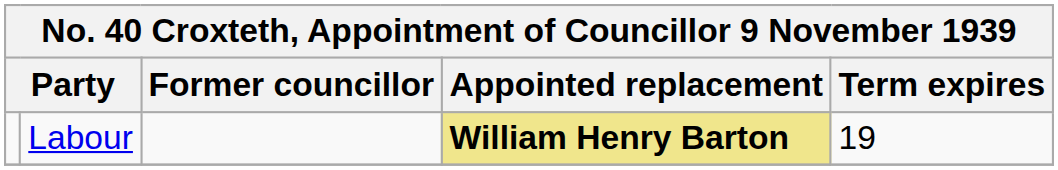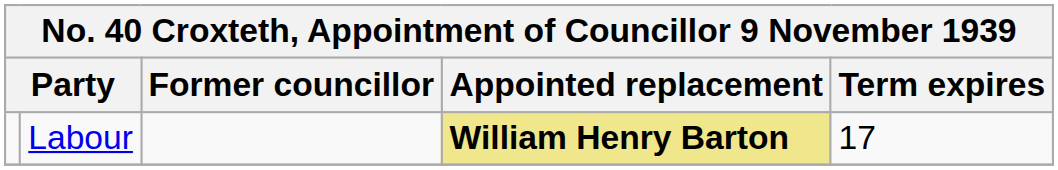 <table class="wikitable">
 <tr>
 <th colspan="5"><strong>No. 40 Croxteth, Appointment of Councillor 9 November 1939</strong></th>
 </tr>
 <tr>
 <th colspan="2">Party</th>
 <th>Former councillor</th>
 <th>Appointed replacement</th>
 <th>Term expires</th>
 </tr>
 <tr>
 <td style="background-color:"></td>
 <td><a href='#'>Labour</a></td>
 <td></td>
 <td style="background: khaki;"><strong>William Henry Barton</strong></td>
-<td>19</td>
+<td>17</td>
 </tr>
 <tr>
 </tr>
 </table>
